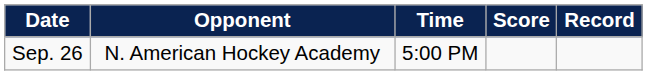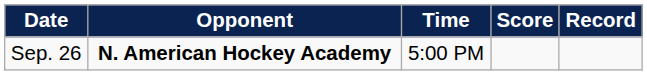 <table class="wikitable" style="width:80%;">
 <tr style="text-align:center; background:#0a2351; color:#fff;">
 <td><strong>Date</strong></td>
 <td><strong>Opponent</strong></td>
 <td><strong>Time</strong></td>
 <td><strong>Score</strong></td>
 <td><strong>Record</strong></td>
 </tr>
 <tr style="text-align:center;" bgcolor="">
 <td>Sep. 26</td>
-<td>N. American Hockey Academy</td>
+<td><strong>N. American Hockey Academy</strong></td>
 <td>5:00 PM</td>
 <td></td>
 </tr>
 </table>
